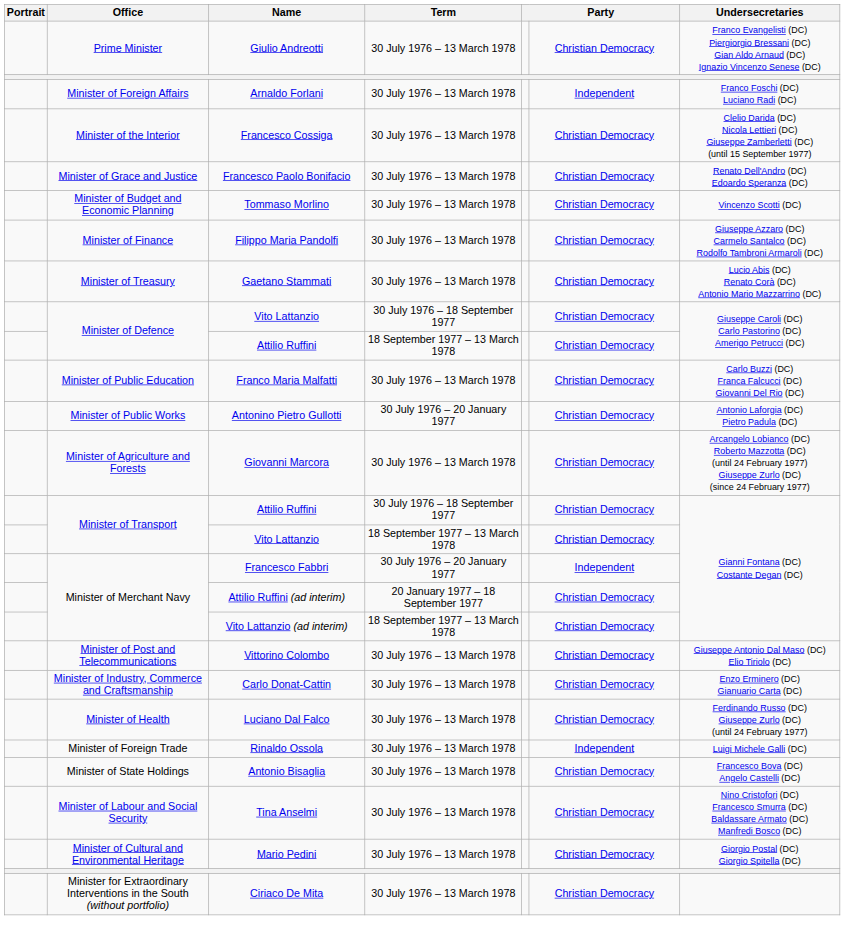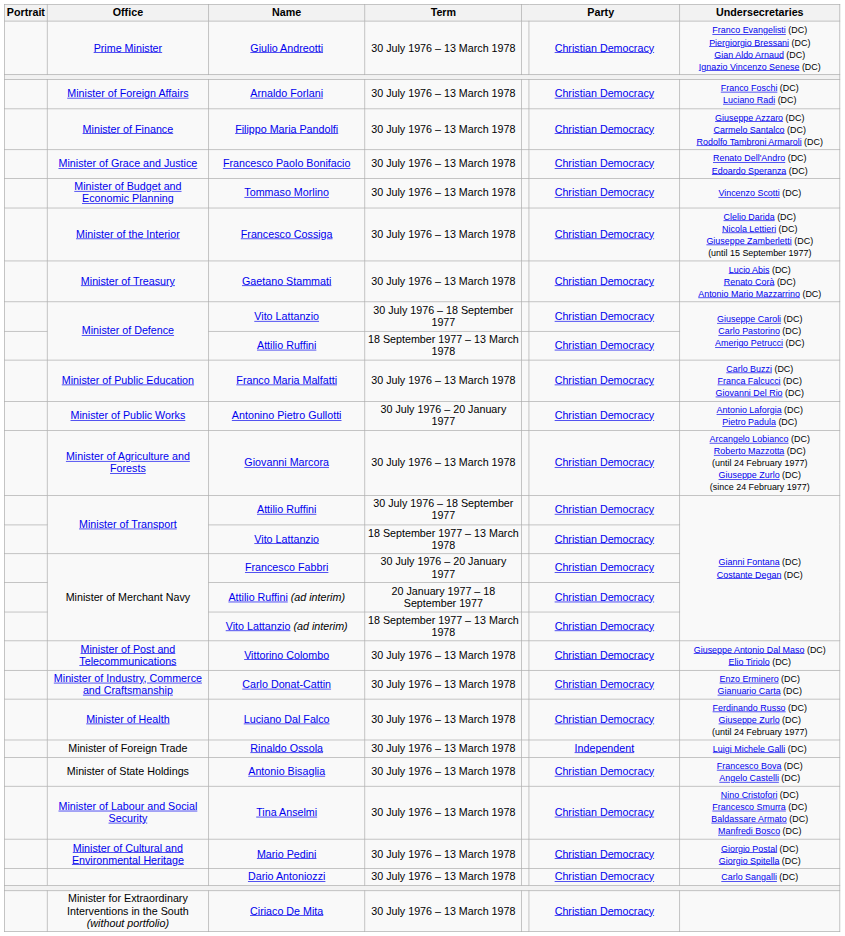 <table class="wikitable" style="text-align:center">
 <tr>
 <th>Portrait</th>
 <th width=20%>Office</th>
 <th width=20%>Name</th>
 <th width=20%>Term</th>
 <th width=20% colspan=2>Party</th>
 <th width=20%>Undersecretaries</th>
 </tr>
 <tr>
 <td></td>
 <td><a href='#'>Prime Minister</a></td>
 <td><a href='#'>Giulio Andreotti</a></td>
 <td>30 July 1976 – 13 March 1978</td>
 <td style="background:"></td>
 <td><a href='#'>Christian Democracy</a></td>
 <td><small><a href='#'>Franco Evangelisti</a> (DC) <br> <a href='#'>Piergiorgio Bressani</a> (DC) <br> <a href='#'>Gian Aldo Arnaud</a> (DC) <br> <a href='#'>Ignazio Vincenzo Senese</a> (DC)</small></td>
 </tr>
 <tr>
 <th colspan="7"></th>
 </tr>
 <tr>
 <td></td>
 <td><a href='#'>Minister of Foreign Affairs</a></td>
 <td><a href='#'>Arnaldo Forlani</a></td>
 <td>30 July 1976 – 13 March 1978</td>
 <td style="background:"></td>
-<td><a href='#'>Independent</a></td>
+<td><a href='#'>Christian Democracy</a></td>
 <td><small><a href='#'>Franco Foschi</a> (DC) <br> <a href='#'>Luciano Radi</a> (DC)</small></td>
 </tr>
 <tr>
 <td></td>
-<td><a href='#'>Minister of the Interior</a></td>
-<td><a href='#'>Francesco Cossiga</a></td>
+<td><a href='#'>Minister of Finance</a></td>
+<td><a href='#'>Filippo Maria Pandolfi</a></td>
 <td>30 July 1976 – 13 March 1978</td>
 <td style="background:"></td>
 <td><a href='#'>Christian Democracy</a></td>
-<td><small><a href='#'>Clelio Darida</a> (DC) <br> <a href='#'>Nicola Lettieri</a> (DC) <br> <a href='#'>Giuseppe Zamberletti</a> (DC)<br>(until 15 September 1977)</small></td>
+<td><small><a href='#'>Giuseppe Azzaro</a> (DC) <br> <a href='#'>Carmelo Santalco</a> (DC) <br> <a href='#'>Rodolfo Tambroni Armaroli</a> (DC)</small></td>
 </tr>
 <tr>
 <td></td>
 <td><a href='#'>Minister of Grace and Justice</a></td>
 <td><a href='#'>Francesco Paolo Bonifacio</a></td>
 <td>30 July 1976 – 13 March 1978</td>
 <td style="background:"></td>
 <td><a href='#'>Christian Democracy</a></td>
 <td><small><a href='#'>Renato Dell'Andro</a> (DC) <br> <a href='#'>Edoardo Speranza</a> (DC)</small></td>
 </tr>
 <tr>
 <td></td>
 <td><a href='#'>Minister of Budget and Economic Planning</a></td>
 <td><a href='#'>Tommaso Morlino</a></td>
 <td>30 July 1976 – 13 March 1978</td>
 <td style="background:"></td>
 <td><a href='#'>Christian Democracy</a></td>
 <td><small><a href='#'>Vincenzo Scotti</a> (DC)</small></td>
 </tr>
 <tr>
 <td></td>
-<td><a href='#'>Minister of Finance</a></td>
-<td><a href='#'>Filippo Maria Pandolfi</a></td>
+<td><a href='#'>Minister of the Interior</a></td>
+<td><a href='#'>Francesco Cossiga</a></td>
 <td>30 July 1976 – 13 March 1978</td>
 <td style="background:"></td>
 <td><a href='#'>Christian Democracy</a></td>
-<td><small><a href='#'>Giuseppe Azzaro</a> (DC) <br> <a href='#'>Carmelo Santalco</a> (DC) <br> <a href='#'>Rodolfo Tambroni Armaroli</a> (DC)</small></td>
+<td><small><a href='#'>Clelio Darida</a> (DC) <br> <a href='#'>Nicola Lettieri</a> (DC) <br> <a href='#'>Giuseppe Zamberletti</a> (DC)<br>(until 15 September 1977)</small></td>
 </tr>
 <tr>
 <td></td>
 <td><a href='#'>Minister of Treasury</a></td>
 <td><a href='#'>Gaetano Stammati</a></td>
 <td>30 July 1976 – 13 March 1978</td>
 <td style="background:"></td>
 <td><a href='#'>Christian Democracy</a></td>
 <td><small><a href='#'>Lucio Abis</a> (DC) <br> <a href='#'>Renato Corà</a> (DC) <br> <a href='#'>Antonio Mario Mazzarrino</a> (DC)</small></td>
 </tr>
 <tr>
 <td></td>
 <td rowspan=2><a href='#'>Minister of Defence</a></td>
 <td><a href='#'>Vito Lattanzio</a></td>
 <td>30 July 1976 – 18 September 1977</td>
 <td style="background:"></td>
 <td><a href='#'>Christian Democracy</a></td>
 <td rowspan=2><small><a href='#'>Giuseppe Caroli</a> (DC) <br> <a href='#'>Carlo Pastorino</a> (DC) <br> <a href='#'>Amerigo Petrucci</a> (DC)</small></td>
 </tr>
 <tr>
 <td></td>
 <td><a href='#'>Attilio Ruffini</a></td>
 <td>18 September 1977 – 13 March 1978</td>
 <td style="background:"></td>
 <td><a href='#'>Christian Democracy</a></td>
 </tr>
 <tr>
 <td></td>
 <td><a href='#'>Minister of Public Education</a></td>
 <td><a href='#'>Franco Maria Malfatti</a></td>
 <td>30 July 1976 – 13 March 1978</td>
 <td style="background:"></td>
 <td><a href='#'>Christian Democracy</a></td>
 <td><small><a href='#'>Carlo Buzzi</a> (DC) <br> <a href='#'>Franca Falcucci</a> (DC) <br> <a href='#'>Giovanni Del Rio</a> (DC)</small></td>
 </tr>
 <tr>
 <td></td>
 <td><a href='#'>Minister of Public Works</a></td>
 <td><a href='#'>Antonino Pietro Gullotti</a></td>
 <td>30 July 1976 – 20 January 1977</td>
 <td style="background:"></td>
 <td><a href='#'>Christian Democracy</a></td>
 <td><small><a href='#'>Antonio Laforgia</a> (DC) <br> <a href='#'>Pietro Padula</a> (DC)</small></td>
 </tr>
 <tr>
 <td></td>
 <td><a href='#'>Minister of Agriculture and Forests</a></td>
 <td><a href='#'>Giovanni Marcora</a></td>
 <td>30 July 1976 – 13 March 1978</td>
 <td style="background:"></td>
 <td><a href='#'>Christian Democracy</a></td>
 <td><small><a href='#'>Arcangelo Lobianco</a> (DC) <br> <a href='#'>Roberto Mazzotta</a> (DC)<br>(until 24 February 1977) <br> <a href='#'>Giuseppe Zurlo</a> (DC)<br>(since 24 February 1977)</small></td>
 </tr>
 <tr>
 <td></td>
 <td rowspan=2><a href='#'>Minister of Transport</a></td>
 <td><a href='#'>Attilio Ruffini</a></td>
 <td>30 July 1976 – 18 September 1977</td>
 <td style="background:"></td>
 <td><a href='#'>Christian Democracy</a></td>
 <td rowspan=5><small><a href='#'>Gianni Fontana</a> (DC) <br> <a href='#'>Costante Degan</a> (DC)</small></td>
 </tr>
 <tr>
 <td></td>
 <td><a href='#'>Vito Lattanzio</a></td>
 <td>18 September 1977 – 13 March 1978</td>
 <td style="background:"></td>
 <td><a href='#'>Christian Democracy</a></td>
 </tr>
 <tr>
 <td></td>
 <td rowspan=3>Minister of Merchant Navy</td>
 <td><a href='#'>Francesco Fabbri</a></td>
 <td>30 July 1976 – 20 January 1977</td>
 <td style="background:"></td>
-<td><a href='#'>Independent</a></td>
+<td><a href='#'>Christian Democracy</a></td>
 </tr>
 <tr>
 <td></td>
 <td><a href='#'>Attilio Ruffini</a> <em>(ad interim)</em></td>
 <td>20 January 1977 – 18 September 1977</td>
 <td style="background:"></td>
 <td><a href='#'>Christian Democracy</a></td>
 </tr>
 <tr>
 <td></td>
 <td><a href='#'>Vito Lattanzio</a> <em>(ad interim)</em></td>
 <td>18 September 1977 – 13 March 1978</td>
 <td style="background:"></td>
 <td><a href='#'>Christian Democracy</a></td>
 </tr>
 <tr>
 <td></td>
 <td><a href='#'>Minister of Post and Telecommunications</a></td>
 <td><a href='#'>Vittorino Colombo</a></td>
 <td>30 July 1976 – 13 March 1978</td>
 <td style="background:"></td>
 <td><a href='#'>Christian Democracy</a></td>
 <td><small><a href='#'>Giuseppe Antonio Dal Maso</a> (DC) <br> <a href='#'>Elio Tiriolo</a> (DC)</small></td>
 </tr>
 <tr>
 <td></td>
 <td><a href='#'>Minister of Industry, Commerce and Craftsmanship</a></td>
 <td><a href='#'>Carlo Donat-Cattin</a></td>
 <td>30 July 1976 – 13 March 1978</td>
 <td style="background:"></td>
 <td><a href='#'>Christian Democracy</a></td>
 <td><small><a href='#'>Enzo Erminero</a> (DC) <br> <a href='#'>Gianuario Carta</a> (DC)</small></td>
 </tr>
 <tr>
 <td></td>
 <td><a href='#'>Minister of Health</a></td>
 <td><a href='#'>Luciano Dal Falco</a></td>
 <td>30 July 1976 – 13 March 1978</td>
 <td style="background:"></td>
 <td><a href='#'>Christian Democracy</a></td>
 <td><small><a href='#'>Ferdinando Russo</a> (DC) <br> <a href='#'>Giuseppe Zurlo</a> (DC)<br>(until 24 February 1977)</small></td>
 </tr>
 <tr>
 <td></td>
 <td>Minister of Foreign Trade</td>
 <td><a href='#'>Rinaldo Ossola</a></td>
 <td>30 July 1976 – 13 March 1978</td>
 <td style="background:"></td>
 <td><a href='#'>Independent</a></td>
 <td><small><a href='#'>Luigi Michele Galli</a> (DC)</small></td>
 </tr>
 <tr>
 <td></td>
 <td>Minister of State Holdings</td>
 <td><a href='#'>Antonio Bisaglia</a></td>
 <td>30 July 1976 – 13 March 1978</td>
 <td style="background:"></td>
 <td><a href='#'>Christian Democracy</a></td>
 <td><small><a href='#'>Francesco Bova</a> (DC) <br> <a href='#'>Angelo Castelli</a> (DC)</small></td>
 </tr>
 <tr>
 <td></td>
 <td><a href='#'>Minister of Labour and Social Security</a></td>
 <td><a href='#'>Tina Anselmi</a></td>
 <td>30 July 1976 – 13 March 1978</td>
 <td style="background:"></td>
 <td><a href='#'>Christian Democracy</a></td>
 <td><small><a href='#'>Nino Cristofori</a> (DC) <br> <a href='#'>Francesco Smurra</a> (DC) <br> <a href='#'>Baldassare Armato</a> (DC) <br> <a href='#'>Manfredi Bosco</a> (DC)</small></td>
 </tr>
 <tr>
 <td></td>
 <td><a href='#'>Minister of Cultural and Environmental Heritage</a></td>
 <td><a href='#'>Mario Pedini</a></td>
 <td>30 July 1976 – 13 March 1978</td>
 <td style="background:"></td>
 <td><a href='#'>Christian Democracy</a></td>
 <td><small><a href='#'>Giorgio Postal</a> (DC) <br> <a href='#'>Giorgio Spitella</a> (DC)</small></td>
 </tr>
 <tr>
+<td></td>
+<td></td>
+<td><a href='#'>Dario Antoniozzi</a></td>
+<td>30 July 1976 – 13 March 1978</td>
+<td style="background:"></td>
+<td><a href='#'>Christian Democracy</a></td>
+<td><small><a href='#'>Carlo Sangalli</a> (DC)</small></td>
+</tr>
+<tr>
 <th colspan="7"></th>
 </tr>
 <tr>
 <td></td>
 <td>Minister for Extraordinary Interventions in the South <br> <em>(without portfolio)</em></td>
 <td><a href='#'>Ciriaco De Mita</a></td>
 <td>30 July 1976 – 13 March 1978</td>
 <td style="background:"></td>
 <td><a href='#'>Christian Democracy</a></td>
 </tr>
 </table>
